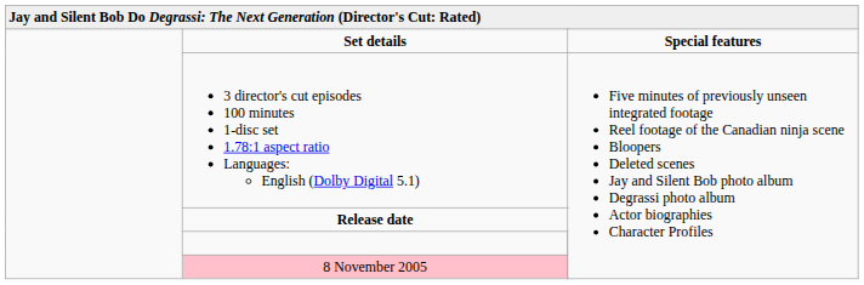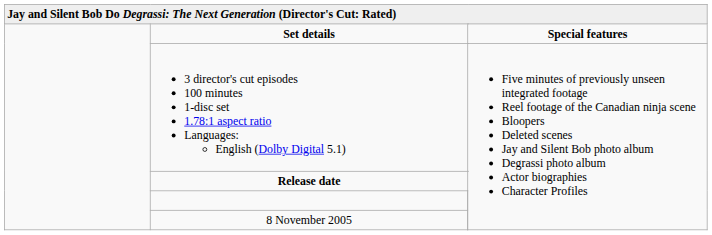 <table class="wikitable" style="font-size: 95%;">
 <tr style="background:#EFEFEF">
 <td colspan="5"><strong>Jay and Silent Bob Do <em>Degrassi: The Next Generation</em> (Director's Cut: Rated)</strong></td>
 </tr>
 <tr valign="top">
 <td rowspan="5" valign="center" align="center" width="180"></td>
 <td align="center" width="400" colspan="3"><strong>Set details</strong></td>
 <td width="300" align="center"><strong>Special features</strong></td>
 </tr>
 <tr valign="top">
 <td colspan="3" align="left" width="400"><br><ul><li>3 director's cut episodes</li><li>100 minutes</li><li>1-disc set</li><li><a href='#'>1.78:1 aspect ratio</a></li><li>Languages:<ul><li>English (<a href='#'>Dolby Digital</a> 5.1)</li></ul></li></ul></td>
 <td rowspan="4" align="left" width="300"><br><ul><li>Five minutes of previously unseen integrated footage</li><li>Reel footage of the Canadian ninja scene</li><li>Bloopers</li><li>Deleted scenes</li><li>Jay and Silent Bob photo album</li><li>Degrassi photo album</li><li>Actor biographies</li><li>Character Profiles</li></ul></td>
 </tr>
 <tr>
 <td colspan="3" align="center"><strong>Release date</strong></td>
 </tr>
 <tr>
 <td align="center"><br></td>
 </tr>
 <tr>
-<td align="center" style="background: pink;">8 November 2005<br></td>
+<td align="center">8 November 2005<br></td>
 </tr>
 </table>
